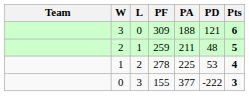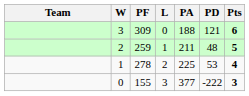 <table class="wikitable" style="text-align:center;">
 <tr>
 <th width=150>Team</th>
 <th width=20>W</th>
+<th width=30>PF</th>
 <th width=20>L</th>
-<th width=30>PF</th>
 <th width=30>PA</th>
 <th width=30>PD</th>
 <th width=20>Pts</th>
 </tr>
 <tr bgcolor="#ccffcc">
 <td align="left"></td>
 <td>3</td>
+<td>309</td>
 <td>0</td>
-<td>309</td>
 <td>188</td>
 <td>121</td>
 <td><strong>6</strong></td>
 </tr>
 <tr bgcolor="#ccffcc">
 <td align="left"></td>
 <td>2</td>
+<td>259</td>
 <td>1</td>
-<td>259</td>
 <td>211</td>
 <td>48</td>
 <td><strong>5</strong></td>
 </tr>
 <tr>
 <td align="left"></td>
 <td>1</td>
+<td>278</td>
 <td>2</td>
-<td>278</td>
 <td>225</td>
 <td>53</td>
 <td><strong>4</strong></td>
 </tr>
 <tr>
 <td align="left"></td>
 <td>0</td>
+<td>155</td>
 <td>3</td>
-<td>155</td>
 <td>377</td>
 <td>-222</td>
 <td><strong>3</strong></td>
 </tr>
 </table>
